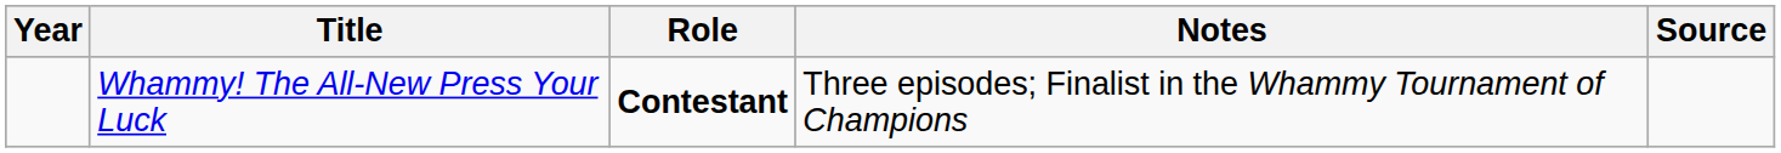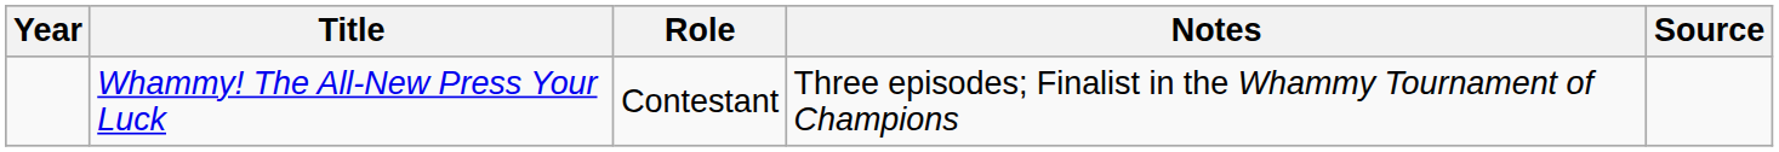 <table class="wikitable sortable plainrowheaders">
 <tr>
 <th>Year</th>
 <th>Title</th>
 <th>Role</th>
 <th class="unsortable">Notes</th>
 <th class="unsortable">Source</th>
 </tr>
 <tr>
 <td></td>
 <td><em><a href='#'>Whammy! The All-New Press Your Luck</a></em></td>
-<td><strong>Contestant</strong></td>
+<td>Contestant</td>
 <td>Three episodes; Finalist in the <em>Whammy Tournament of Champions</em></td>
 <td></td>
 </tr>
 </table>
